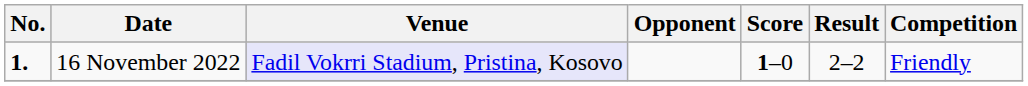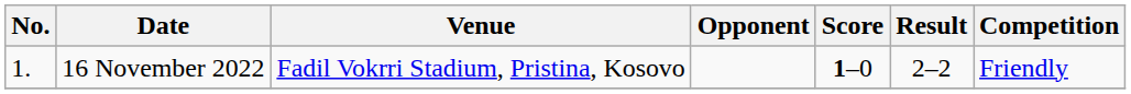 <table class="wikitable">
 <tr>
 <th>No.</th>
 <th>Date</th>
 <th>Venue</th>
 <th>Opponent</th>
 <th>Score</th>
 <th>Result</th>
 <th>Competition</th>
 </tr>
 <tr>
-<td><strong>1.</strong></td>
+<td>1.</td>
 <td>16 November 2022</td>
-<td style="background: lavender;"><a href='#'>Fadil Vokrri Stadium</a>, <a href='#'>Pristina</a>, Kosovo</td>
+<td><a href='#'>Fadil Vokrri Stadium</a>, <a href='#'>Pristina</a>, Kosovo</td>
 <td></td>
 <td align=center><strong>1</strong>–0</td>
 <td align=center>2–2</td>
 <td><a href='#'>Friendly</a></td>
 </tr>
 <tr>
 </tr>
 </table>
